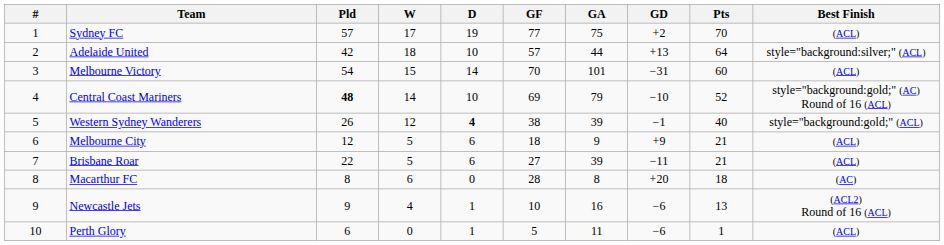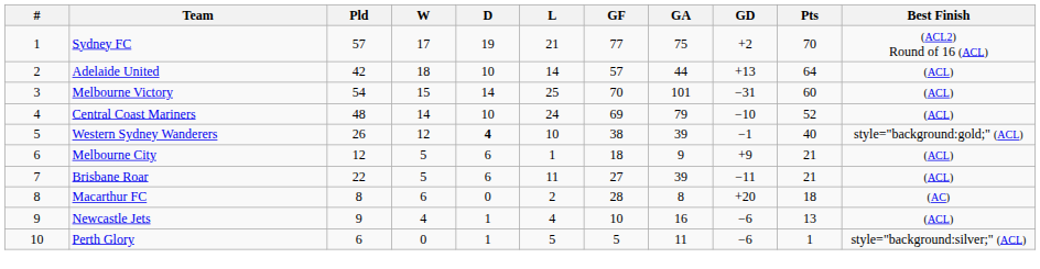 <table class="wikitable sortable" style="text-align:center">
 <tr>
 <th width=5%>#</th>
 <th width=20%>Team</th>
 <th width=5%>Pld</th>
 <th width=5%>W</th>
 <th width=5%>D</th>
+<th width=5%>L</th>
 <th width=5%>GF</th>
 <th width=5%>GA</th>
 <th width=5%>GD</th>
 <th width=5%>Pts</th>
 <th width=15%>Best Finish</th>
 </tr>
 <tr>
 <td>1</td>
 <td align=left><a href='#'>Sydney FC</a></td>
 <td>57</td>
 <td>17</td>
 <td>19</td>
+<td>21</td>
 <td>77</td>
 <td>75</td>
 <td>+2</td>
 <td>70</td>
-<td> <small>(<a href='#'>ACL</a>)</small></td>
+<td> <small>(<a href='#'>ACL2</a>)</small> <br> Round of 16 <small>(<a href='#'>ACL</a>)</small></td>
 </tr>
 <tr>
 <td>2</td>
 <td align=left><a href='#'>Adelaide United</a></td>
 <td>42</td>
 <td>18</td>
 <td>10</td>
+<td>14</td>
 <td>57</td>
 <td>44</td>
 <td>+13</td>
 <td>64</td>
-<td>style="background:silver;"  <small>(<a href='#'>ACL</a>)</small></td>
+<td> <small>(<a href='#'>ACL</a>)</small></td>
 </tr>
 <tr>
 <td>3</td>
 <td align=left><a href='#'>Melbourne Victory</a></td>
 <td>54</td>
 <td>15</td>
 <td>14</td>
+<td>25</td>
 <td>70</td>
 <td>101</td>
 <td>−31</td>
 <td>60</td>
 <td> <small>(<a href='#'>ACL</a>)</small></td>
 </tr>
 <tr>
 <td>4</td>
 <td align=left><a href='#'>Central Coast Mariners</a></td>
-<td><strong>48</strong></td>
+<td>48</td>
 <td>14</td>
 <td>10</td>
+<td>24</td>
 <td>69</td>
 <td>79</td>
 <td>−10</td>
 <td>52</td>
-<td>style="background:gold;"  <small>(<a href='#'>AC</a>)</small> <br> Round of 16 <small>(<a href='#'>ACL</a>)</small></td>
+<td> <small>(<a href='#'>ACL</a>)</small></td>
 </tr>
 <tr>
 <td>5</td>
 <td align=left><a href='#'>Western Sydney Wanderers</a></td>
 <td>26</td>
 <td>12</td>
 <td><strong>4</strong></td>
+<td>10</td>
 <td>38</td>
 <td>39</td>
 <td>−1</td>
 <td>40</td>
 <td>style="background:gold;"  <small>(<a href='#'>ACL</a>)</small></td>
 </tr>
 <tr>
 <td>6</td>
 <td align=left><a href='#'>Melbourne City</a></td>
 <td>12</td>
 <td>5</td>
 <td>6</td>
+<td>1</td>
 <td>18</td>
 <td>9</td>
 <td>+9</td>
 <td>21</td>
 <td> <small>(<a href='#'>ACL</a>)</small></td>
 </tr>
 <tr>
 <td>7</td>
 <td align=left><a href='#'>Brisbane Roar</a></td>
 <td>22</td>
 <td>5</td>
 <td>6</td>
+<td>11</td>
 <td>27</td>
 <td>39</td>
 <td>−11</td>
 <td>21</td>
 <td> <small>(<a href='#'>ACL</a>)</small></td>
 </tr>
 <tr>
 <td>8</td>
 <td align=left><a href='#'>Macarthur FC</a></td>
 <td>8</td>
 <td>6</td>
 <td>0</td>
+<td>2</td>
 <td>28</td>
 <td>8</td>
 <td>+20</td>
 <td>18</td>
 <td> <small>(<a href='#'>AC</a>)</small></td>
 </tr>
 <tr>
 <td>9</td>
 <td align=left><a href='#'>Newcastle Jets</a></td>
 <td>9</td>
 <td>4</td>
 <td>1</td>
+<td>4</td>
 <td>10</td>
 <td>16</td>
 <td>−6</td>
 <td>13</td>
-<td> <small>(<a href='#'>ACL2</a>)</small> <br> Round of 16 <small>(<a href='#'>ACL</a>)</small></td>
+<td> <small>(<a href='#'>ACL</a>)</small></td>
 </tr>
 <tr>
 <td>10</td>
 <td align=left><a href='#'>Perth Glory</a></td>
 <td>6</td>
 <td>0</td>
 <td>1</td>
 <td>5</td>
+<td>5</td>
 <td>11</td>
 <td>−6</td>
 <td>1</td>
-<td> <small>(<a href='#'>ACL</a>)</small></td>
+<td>style="background:silver;"  <small>(<a href='#'>ACL</a>)</small></td>
 </tr>
 </table>
